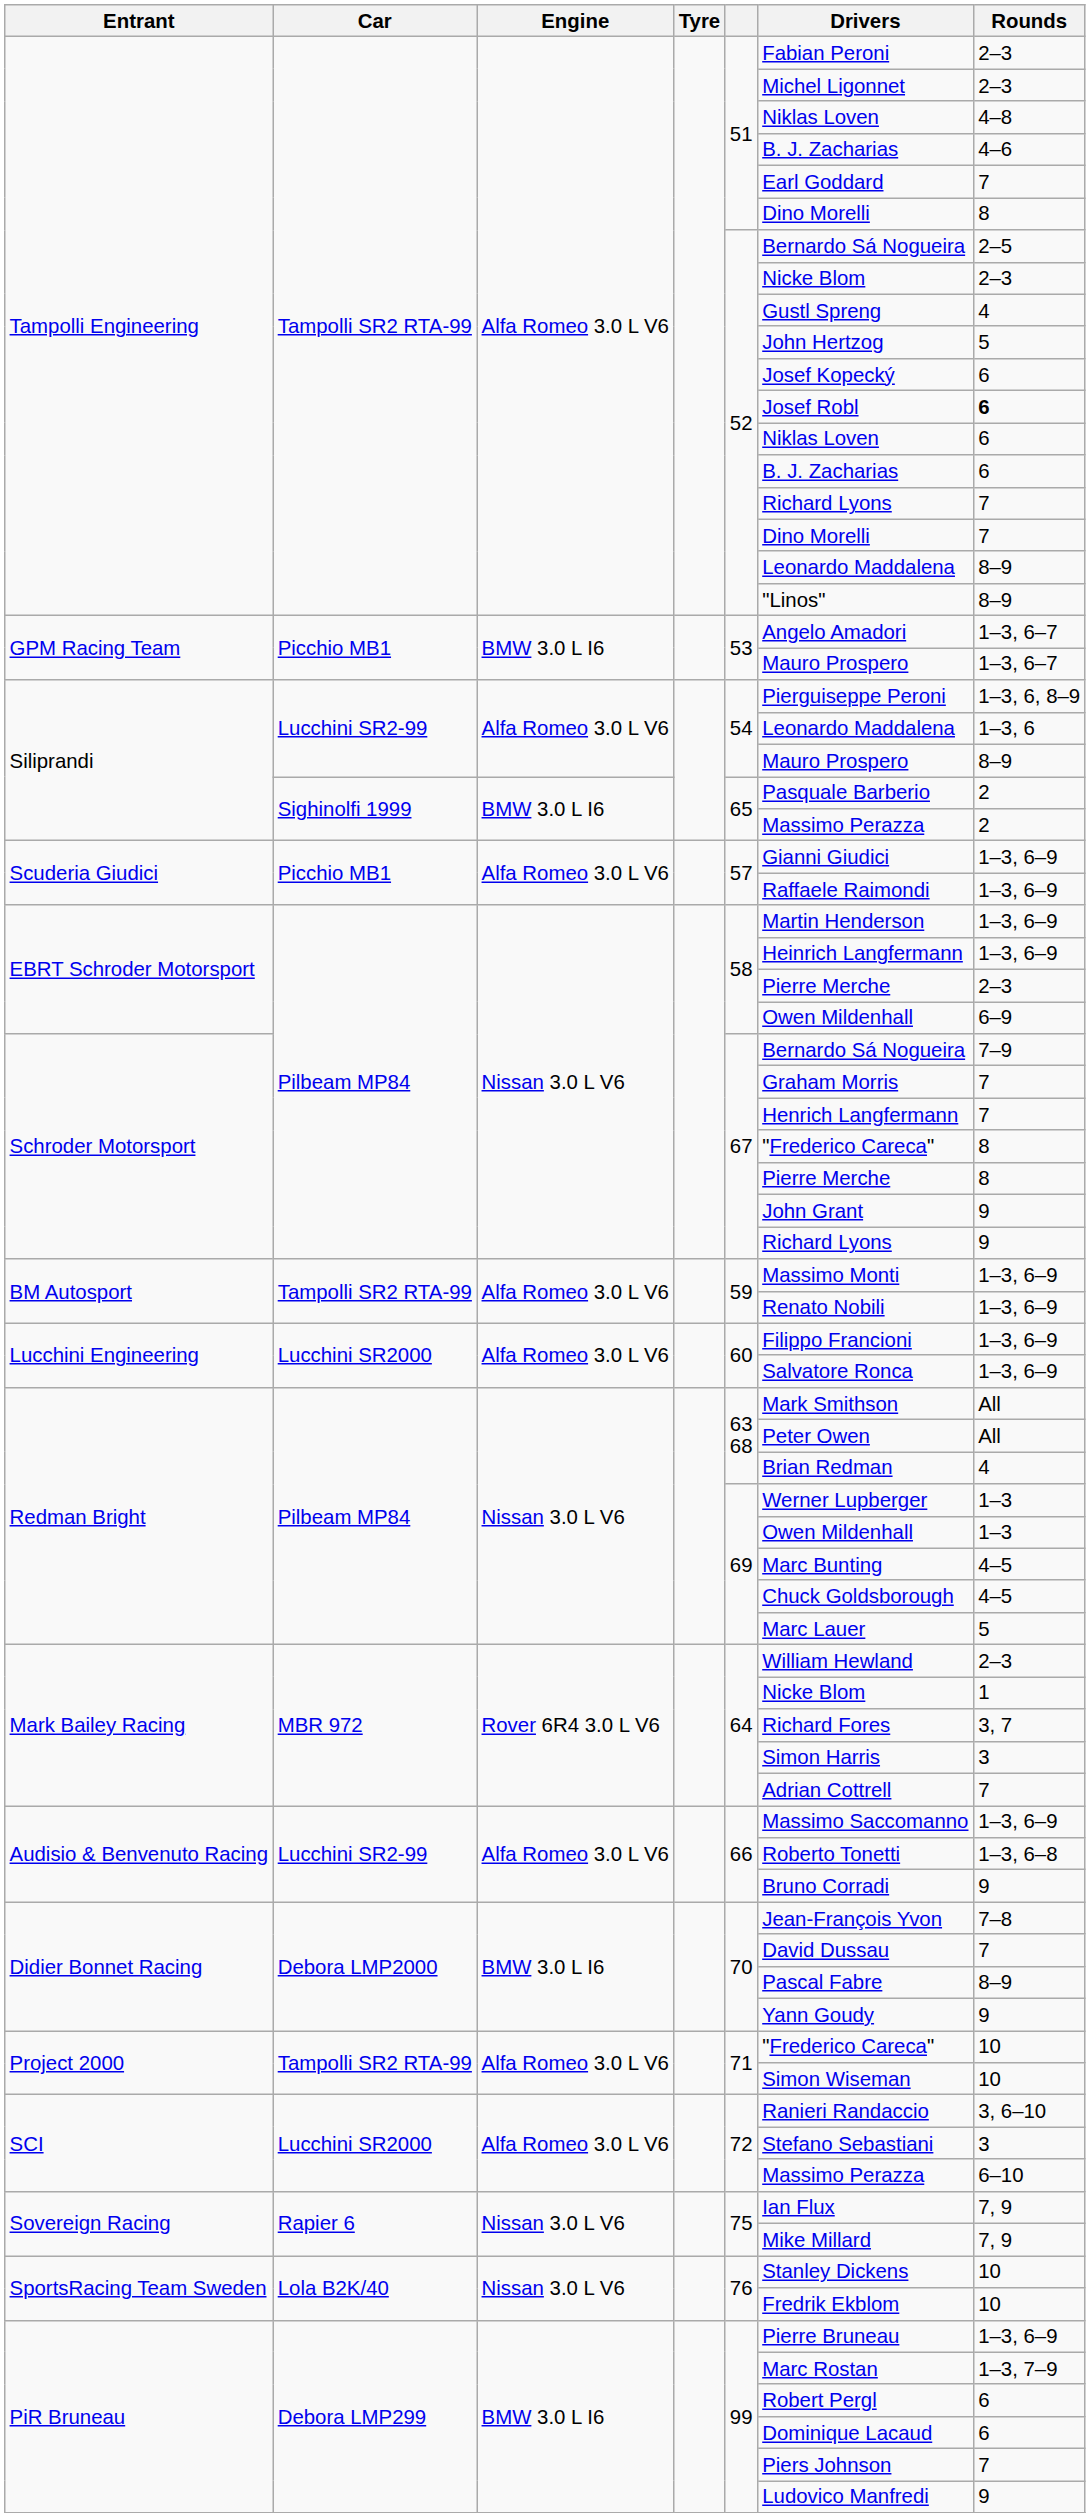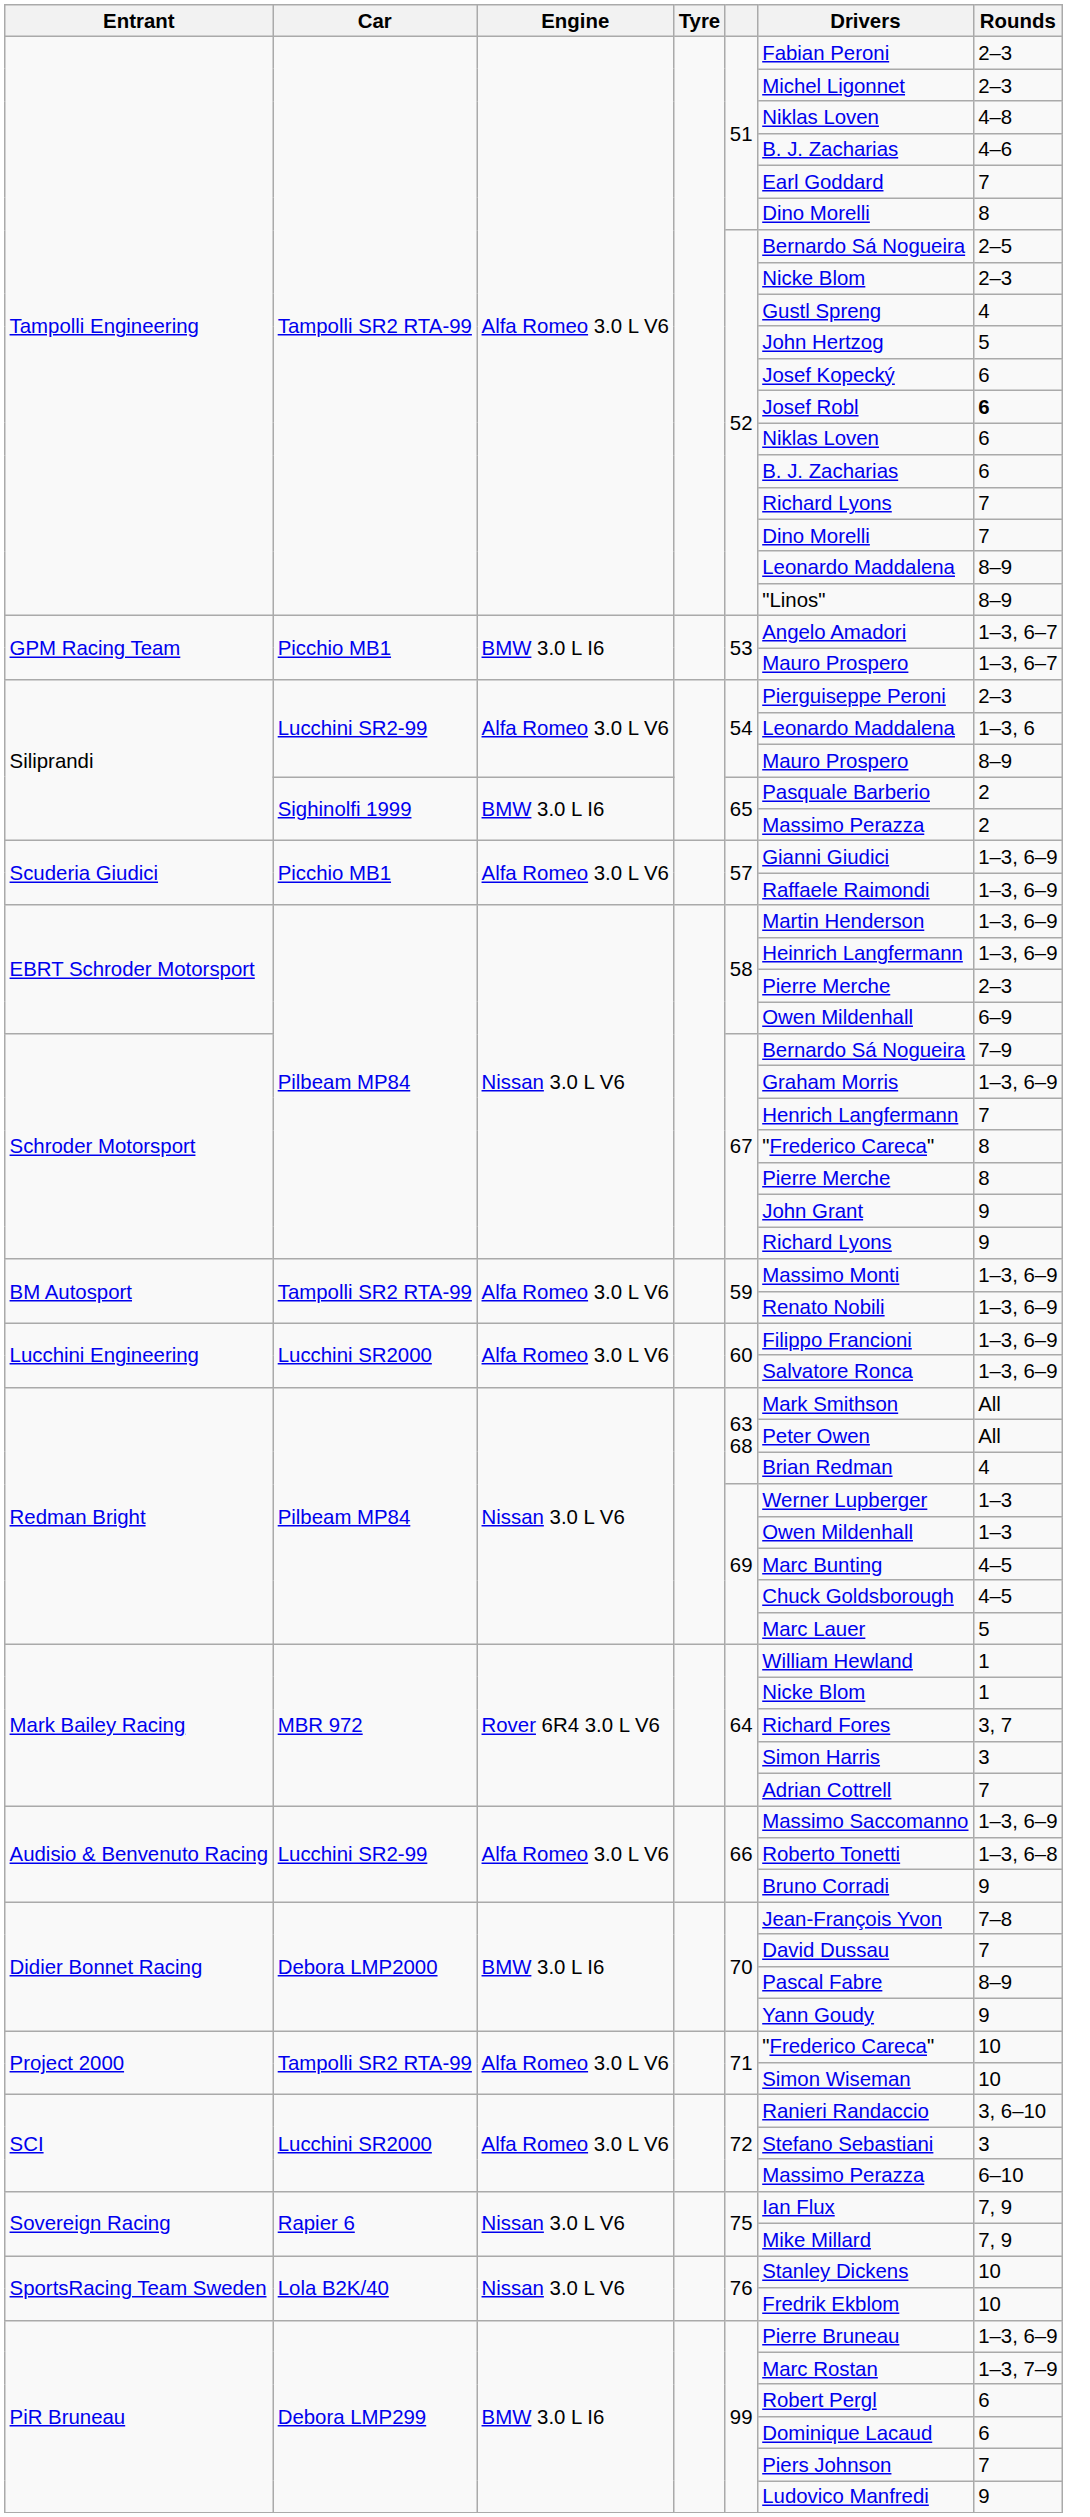 <table class="wikitable" style="font-size: 85%">
 <tr>
 <th>Entrant</th>
 <th>Car</th>
 <th>Engine</th>
 <th>Tyre</th>
 <th></th>
 <th>Drivers</th>
 <th>Rounds</th>
 </tr>
 <tr>
 <td rowspan=18> <a href='#'>Tampolli Engineering</a></td>
 <td rowspan=18><a href='#'>Tampolli SR2 RTA-99</a></td>
 <td rowspan=18><a href='#'>Alfa Romeo</a> 3.0 L V6</td>
 <td rowspan=18></td>
 <td rowspan=6>51</td>
 <td> <a href='#'>Fabian Peroni</a></td>
 <td>2–3</td>
 </tr>
 <tr>
 <td> <a href='#'>Michel Ligonnet</a></td>
 <td>2–3</td>
 </tr>
 <tr>
 <td> <a href='#'>Niklas Loven</a></td>
 <td>4–8</td>
 </tr>
 <tr>
 <td> <a href='#'>B. J. Zacharias</a></td>
 <td>4–6</td>
 </tr>
 <tr>
 <td> <a href='#'>Earl Goddard</a></td>
 <td>7</td>
 </tr>
 <tr>
 <td> <a href='#'>Dino Morelli</a></td>
 <td>8</td>
 </tr>
 <tr>
 <td rowspan=12>52</td>
 <td> <a href='#'>Bernardo Sá Nogueira</a></td>
 <td>2–5</td>
 </tr>
 <tr>
 <td> <a href='#'>Nicke Blom</a></td>
 <td>2–3</td>
 </tr>
 <tr>
 <td> <a href='#'>Gustl Spreng</a></td>
 <td>4</td>
 </tr>
 <tr>
 <td> <a href='#'>John Hertzog</a></td>
 <td>5</td>
 </tr>
 <tr>
 <td> <a href='#'>Josef Kopecký</a></td>
 <td>6</td>
 </tr>
 <tr>
 <td> <a href='#'>Josef Robl</a></td>
 <td><strong>6</strong></td>
 </tr>
 <tr>
 <td> <a href='#'>Niklas Loven</a></td>
 <td>6</td>
 </tr>
 <tr>
 <td> <a href='#'>B. J. Zacharias</a></td>
 <td>6</td>
 </tr>
 <tr>
 <td> <a href='#'>Richard Lyons</a></td>
 <td>7</td>
 </tr>
 <tr>
 <td> <a href='#'>Dino Morelli</a></td>
 <td>7</td>
 </tr>
 <tr>
 <td> <a href='#'>Leonardo Maddalena</a></td>
 <td>8–9</td>
 </tr>
 <tr>
 <td> "Linos"</td>
 <td>8–9</td>
 </tr>
 <tr>
 <td rowspan=2> <a href='#'>GPM Racing Team</a></td>
 <td rowspan=2><a href='#'>Picchio MB1</a></td>
 <td rowspan=2><a href='#'>BMW</a> 3.0 L I6</td>
 <td rowspan=2></td>
 <td rowspan=2>53</td>
 <td> <a href='#'>Angelo Amadori</a></td>
 <td>1–3, 6–7</td>
 </tr>
 <tr>
 <td> <a href='#'>Mauro Prospero</a></td>
 <td>1–3, 6–7</td>
 </tr>
 <tr>
 <td rowspan=5> Siliprandi</td>
 <td rowspan=3><a href='#'>Lucchini SR2-99</a></td>
 <td rowspan=3><a href='#'>Alfa Romeo</a> 3.0 L V6</td>
 <td rowspan=5></td>
 <td rowspan=3>54</td>
 <td> <a href='#'>Pierguiseppe Peroni</a></td>
-<td>1–3, 6, 8–9</td>
+<td>2–3</td>
 </tr>
 <tr>
 <td> <a href='#'>Leonardo Maddalena</a></td>
 <td>1–3, 6</td>
 </tr>
 <tr>
 <td> <a href='#'>Mauro Prospero</a></td>
 <td>8–9</td>
 </tr>
 <tr>
 <td rowspan=2><a href='#'>Sighinolfi 1999</a></td>
 <td rowspan=2><a href='#'>BMW</a> 3.0 L I6</td>
 <td rowspan=2>65</td>
 <td> <a href='#'>Pasquale Barberio</a></td>
 <td>2</td>
 </tr>
 <tr>
 <td> <a href='#'>Massimo Perazza</a></td>
 <td>2</td>
 </tr>
 <tr>
 <td rowspan=2> <a href='#'>Scuderia Giudici</a></td>
 <td rowspan=2><a href='#'>Picchio MB1</a></td>
 <td rowspan=2><a href='#'>Alfa Romeo</a> 3.0 L V6</td>
 <td rowspan=2></td>
 <td rowspan=2>57</td>
 <td> <a href='#'>Gianni Giudici</a></td>
 <td>1–3, 6–9</td>
 </tr>
 <tr>
 <td> <a href='#'>Raffaele Raimondi</a></td>
 <td>1–3, 6–9</td>
 </tr>
 <tr>
 <td rowspan=4> <a href='#'>EBRT Schroder Motorsport</a></td>
 <td rowspan=11><a href='#'>Pilbeam MP84</a></td>
 <td rowspan=11><a href='#'>Nissan</a> 3.0 L V6</td>
 <td rowspan=11></td>
 <td rowspan=4>58</td>
 <td> <a href='#'>Martin Henderson</a></td>
 <td>1–3, 6–9</td>
 </tr>
 <tr>
 <td> <a href='#'>Heinrich Langfermann</a></td>
 <td>1–3, 6–9</td>
 </tr>
 <tr>
 <td> <a href='#'>Pierre Merche</a></td>
 <td>2–3</td>
 </tr>
 <tr>
 <td> <a href='#'>Owen Mildenhall</a></td>
 <td>6–9</td>
 </tr>
 <tr>
 <td rowspan=7> <a href='#'>Schroder Motorsport</a></td>
 <td rowspan=7>67</td>
 <td> <a href='#'>Bernardo Sá Nogueira</a></td>
 <td>7–9</td>
 </tr>
 <tr>
 <td> <a href='#'>Graham Morris</a></td>
-<td>7</td>
+<td>1–3, 6–9</td>
 </tr>
 <tr>
 <td> <a href='#'>Henrich Langfermann</a></td>
 <td>7</td>
 </tr>
 <tr>
 <td> "<a href='#'>Frederico Careca</a>"</td>
 <td>8</td>
 </tr>
 <tr>
 <td> <a href='#'>Pierre Merche</a></td>
 <td>8</td>
 </tr>
 <tr>
 <td> <a href='#'>John Grant</a></td>
 <td>9</td>
 </tr>
 <tr>
 <td> <a href='#'>Richard Lyons</a></td>
 <td>9</td>
 </tr>
 <tr>
 <td rowspan=2> <a href='#'>BM Autosport</a></td>
 <td rowspan=2><a href='#'>Tampolli SR2 RTA-99</a></td>
 <td rowspan=2><a href='#'>Alfa Romeo</a> 3.0 L V6</td>
 <td rowspan=2></td>
 <td rowspan=2>59</td>
 <td> <a href='#'>Massimo Monti</a></td>
 <td>1–3, 6–9</td>
 </tr>
 <tr>
 <td> <a href='#'>Renato Nobili</a></td>
 <td>1–3, 6–9</td>
 </tr>
 <tr>
 <td rowspan=2> <a href='#'>Lucchini Engineering</a></td>
 <td rowspan=2><a href='#'>Lucchini SR2000</a></td>
 <td rowspan=2><a href='#'>Alfa Romeo</a> 3.0 L V6</td>
 <td rowspan=2></td>
 <td rowspan=2>60</td>
 <td> <a href='#'>Filippo Francioni</a></td>
 <td>1–3, 6–9</td>
 </tr>
 <tr>
 <td> <a href='#'>Salvatore Ronca</a></td>
 <td>1–3, 6–9</td>
 </tr>
 <tr>
 <td rowspan=8> <a href='#'>Redman Bright</a></td>
 <td rowspan=8><a href='#'>Pilbeam MP84</a></td>
 <td rowspan=8><a href='#'>Nissan</a> 3.0 L V6</td>
 <td rowspan=8></td>
 <td rowspan=3>63<br>68</td>
 <td> <a href='#'>Mark Smithson</a></td>
 <td>All</td>
 </tr>
 <tr>
 <td> <a href='#'>Peter Owen</a></td>
 <td>All</td>
 </tr>
 <tr>
 <td> <a href='#'>Brian Redman</a></td>
 <td>4</td>
 </tr>
 <tr>
 <td rowspan=5>69</td>
 <td> <a href='#'>Werner Lupberger</a></td>
 <td>1–3</td>
 </tr>
 <tr>
 <td> <a href='#'>Owen Mildenhall</a></td>
 <td>1–3</td>
 </tr>
 <tr>
 <td> <a href='#'>Marc Bunting</a></td>
 <td>4–5</td>
 </tr>
 <tr>
 <td> <a href='#'>Chuck Goldsborough</a></td>
 <td>4–5</td>
 </tr>
 <tr>
 <td> <a href='#'>Marc Lauer</a></td>
 <td>5</td>
 </tr>
 <tr>
 <td rowspan=5> <a href='#'>Mark Bailey Racing</a></td>
 <td rowspan=5><a href='#'>MBR 972</a></td>
 <td rowspan=5><a href='#'>Rover</a> 6R4 3.0 L V6</td>
 <td rowspan=5></td>
 <td rowspan=5>64</td>
 <td> <a href='#'>William Hewland</a></td>
-<td>2–3</td>
+<td>1</td>
 </tr>
 <tr>
 <td> <a href='#'>Nicke Blom</a></td>
 <td>1</td>
 </tr>
 <tr>
 <td> <a href='#'>Richard Fores</a></td>
 <td>3, 7</td>
 </tr>
 <tr>
 <td> <a href='#'>Simon Harris</a></td>
 <td>3</td>
 </tr>
 <tr>
 <td> <a href='#'>Adrian Cottrell</a></td>
 <td>7</td>
 </tr>
 <tr>
 <td rowspan=3> <a href='#'>Audisio & Benvenuto Racing</a></td>
 <td rowspan=3><a href='#'>Lucchini SR2-99</a></td>
 <td rowspan=3><a href='#'>Alfa Romeo</a> 3.0 L V6</td>
 <td rowspan=3></td>
 <td rowspan=3>66</td>
 <td> <a href='#'>Massimo Saccomanno</a></td>
 <td>1–3, 6–9</td>
 </tr>
 <tr>
 <td> <a href='#'>Roberto Tonetti</a></td>
 <td>1–3, 6–8</td>
 </tr>
 <tr>
 <td> <a href='#'>Bruno Corradi</a></td>
 <td>9</td>
 </tr>
 <tr>
 <td rowspan=4> <a href='#'>Didier Bonnet Racing</a></td>
 <td rowspan=4><a href='#'>Debora LMP2000</a></td>
 <td rowspan=4><a href='#'>BMW</a> 3.0 L I6</td>
 <td rowspan=4></td>
 <td rowspan=4>70</td>
 <td> <a href='#'>Jean-François Yvon</a></td>
 <td>7–8</td>
 </tr>
 <tr>
 <td> <a href='#'>David Dussau</a></td>
 <td>7</td>
 </tr>
 <tr>
 <td> <a href='#'>Pascal Fabre</a></td>
 <td>8–9</td>
 </tr>
 <tr>
 <td> <a href='#'>Yann Goudy</a></td>
 <td>9</td>
 </tr>
 <tr>
 <td rowspan=2> <a href='#'>Project 2000</a></td>
 <td rowspan=2><a href='#'>Tampolli SR2 RTA-99</a></td>
 <td rowspan=2><a href='#'>Alfa Romeo</a> 3.0 L V6</td>
 <td rowspan=2></td>
 <td rowspan=2>71</td>
 <td> "<a href='#'>Frederico Careca</a>"</td>
 <td>10</td>
 </tr>
 <tr>
 <td> <a href='#'>Simon Wiseman</a></td>
 <td>10</td>
 </tr>
 <tr>
 <td rowspan=3> <a href='#'>SCI</a></td>
 <td rowspan=3><a href='#'>Lucchini SR2000</a></td>
 <td rowspan=3><a href='#'>Alfa Romeo</a> 3.0 L V6</td>
 <td rowspan=3></td>
 <td rowspan=3>72</td>
 <td> <a href='#'>Ranieri Randaccio</a></td>
 <td>3, 6–10</td>
 </tr>
 <tr>
 <td> <a href='#'>Stefano Sebastiani</a></td>
 <td>3</td>
 </tr>
 <tr>
 <td> <a href='#'>Massimo Perazza</a></td>
 <td>6–10</td>
 </tr>
 <tr>
 <td rowspan=2> <a href='#'>Sovereign Racing</a></td>
 <td rowspan=2><a href='#'>Rapier 6</a></td>
 <td rowspan=2><a href='#'>Nissan</a> 3.0 L V6</td>
 <td rowspan=2></td>
 <td rowspan=2>75</td>
 <td> <a href='#'>Ian Flux</a></td>
 <td>7, 9</td>
 </tr>
 <tr>
 <td> <a href='#'>Mike Millard</a></td>
 <td>7, 9</td>
 </tr>
 <tr>
 <td rowspan=2> <a href='#'>SportsRacing Team Sweden</a></td>
 <td rowspan=2><a href='#'>Lola B2K/40</a></td>
 <td rowspan=2><a href='#'>Nissan</a> 3.0 L V6</td>
 <td rowspan=2></td>
 <td rowspan=2>76</td>
 <td> <a href='#'>Stanley Dickens</a></td>
 <td>10</td>
 </tr>
 <tr>
 <td> <a href='#'>Fredrik Ekblom</a></td>
 <td>10</td>
 </tr>
 <tr>
 <td rowspan=6> <a href='#'>PiR Bruneau</a></td>
 <td rowspan=6><a href='#'>Debora LMP299</a></td>
 <td rowspan=6><a href='#'>BMW</a> 3.0 L I6</td>
 <td rowspan=6></td>
 <td rowspan=6>99</td>
 <td> <a href='#'>Pierre Bruneau</a></td>
 <td>1–3, 6–9</td>
 </tr>
 <tr>
 <td> <a href='#'>Marc Rostan</a></td>
 <td>1–3, 7–9</td>
 </tr>
 <tr>
 <td> <a href='#'>Robert Pergl</a></td>
 <td>6</td>
 </tr>
 <tr>
 <td> <a href='#'>Dominique Lacaud</a></td>
 <td>6</td>
 </tr>
 <tr>
 <td> <a href='#'>Piers Johnson</a></td>
 <td>7</td>
 </tr>
 <tr>
 <td> <a href='#'>Ludovico Manfredi</a></td>
 <td>9</td>
 </tr>
 <tr>
 </tr>
 </table>
